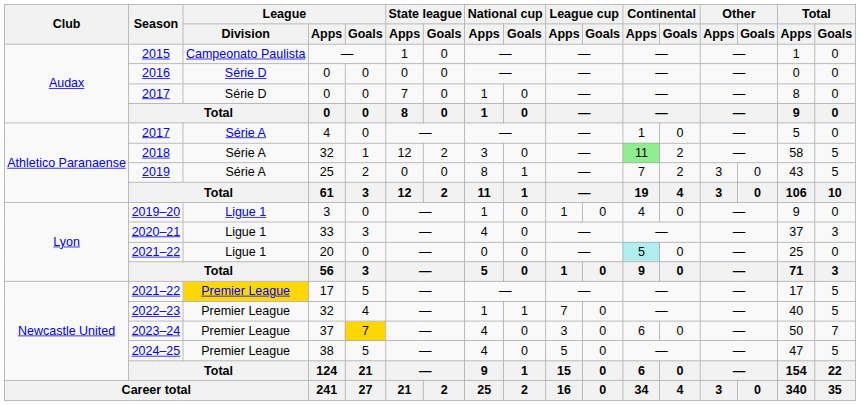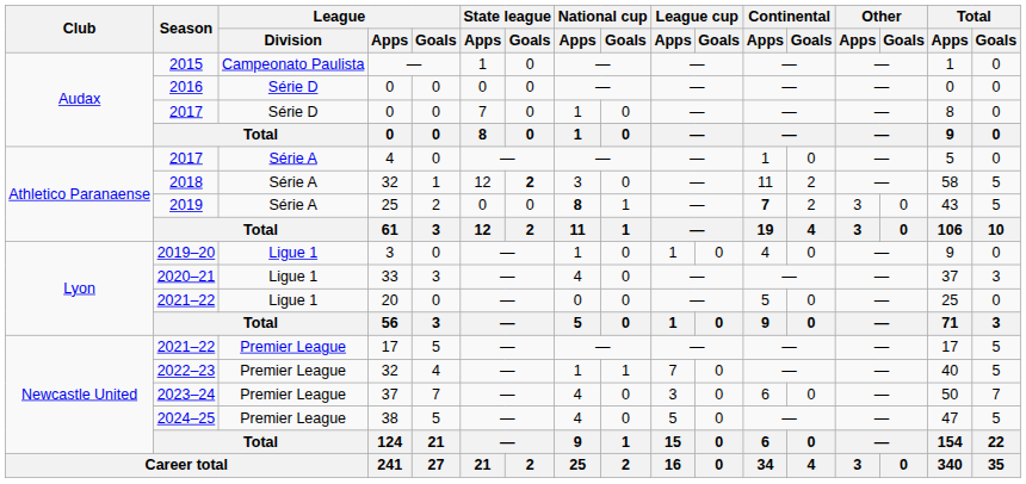 <table class="wikitable" style="text-align: center">
 <tr>
 <th rowspan="2">Club</th>
 <th rowspan="2">Season</th>
 <th colspan="3">League</th>
 <th colspan="2">State league</th>
 <th colspan="2">National cup</th>
 <th colspan="2">League cup</th>
 <th colspan="2">Continental</th>
 <th colspan="2">Other</th>
 <th colspan="2">Total</th>
 </tr>
 <tr>
 <th>Division</th>
 <th>Apps</th>
 <th>Goals</th>
 <th>Apps</th>
 <th>Goals</th>
 <th>Apps</th>
 <th>Goals</th>
 <th>Apps</th>
 <th>Goals</th>
 <th>Apps</th>
 <th>Goals</th>
 <th>Apps</th>
 <th>Goals</th>
 <th>Apps</th>
 <th>Goals</th>
 </tr>
 <tr>
 <td rowspan="4"><a href='#'>Audax</a></td>
 <td><a href='#'>2015</a></td>
 <td><a href='#'>Campeonato Paulista</a></td>
 <td colspan="2">—</td>
 <td>1</td>
 <td>0</td>
 <td colspan="2">—</td>
 <td colspan="2">—</td>
 <td colspan="2">—</td>
 <td colspan="2">—</td>
 <td>1</td>
 <td>0</td>
 </tr>
 <tr>
 <td><a href='#'>2016</a></td>
 <td><a href='#'>Série D</a></td>
 <td>0</td>
 <td>0</td>
 <td>0</td>
 <td>0</td>
 <td colspan="2">—</td>
 <td colspan="2">—</td>
 <td colspan="2">—</td>
 <td colspan="2">—</td>
 <td>0</td>
 <td>0</td>
 </tr>
 <tr>
 <td><a href='#'>2017</a></td>
 <td>Série D</td>
 <td>0</td>
 <td>0</td>
 <td>7</td>
 <td>0</td>
 <td>1</td>
 <td>0</td>
 <td colspan="2">—</td>
 <td colspan="2">—</td>
 <td colspan="2">—</td>
 <td>8</td>
 <td>0</td>
 </tr>
 <tr>
 <th colspan="2">Total</th>
 <th>0</th>
 <th>0</th>
 <th>8</th>
 <th>0</th>
 <th>1</th>
 <th>0</th>
 <th colspan="2">—</th>
 <th colspan="2">—</th>
 <th colspan="2">—</th>
 <th>9</th>
 <th>0</th>
 </tr>
 <tr>
 <td rowspan="4"><a href='#'>Athletico Paranaense</a></td>
 <td><a href='#'>2017</a></td>
 <td><a href='#'>Série A</a></td>
 <td>4</td>
 <td>0</td>
 <td colspan="2">—</td>
 <td colspan="2">—</td>
 <td colspan="2">—</td>
 <td>1</td>
 <td>0</td>
 <td colspan="2">—</td>
 <td>5</td>
 <td>0</td>
 </tr>
 <tr>
 <td><a href='#'>2018</a></td>
 <td>Série A</td>
 <td>32</td>
 <td>1</td>
 <td>12</td>
-<td>2</td>
+<td><strong>2</strong></td>
 <td>3</td>
 <td>0</td>
 <td colspan="2">—</td>
-<td style="background: lightgreen;">11</td>
+<td>11</td>
 <td>2</td>
 <td colspan="2">—</td>
 <td>58</td>
 <td>5</td>
 </tr>
 <tr>
 <td><a href='#'>2019</a></td>
 <td>Série A</td>
 <td>25</td>
 <td>2</td>
 <td>0</td>
 <td>0</td>
-<td>8</td>
+<td><strong>8</strong></td>
 <td>1</td>
 <td colspan="2">—</td>
-<td>7</td>
+<td><strong>7</strong></td>
 <td>2</td>
 <td>3</td>
 <td>0</td>
 <td>43</td>
 <td>5</td>
 </tr>
 <tr>
 <th colspan="2">Total</th>
 <th>61</th>
 <th>3</th>
 <th>12</th>
 <th>2</th>
 <th>11</th>
 <th>1</th>
 <th colspan="2">—</th>
 <th>19</th>
 <th>4</th>
 <th>3</th>
 <th>0</th>
 <th>106</th>
 <th>10</th>
 </tr>
 <tr>
 <td rowspan="4"><a href='#'>Lyon</a></td>
 <td><a href='#'>2019–20</a></td>
 <td><a href='#'>Ligue 1</a></td>
 <td>3</td>
 <td>0</td>
 <td colspan="2">—</td>
 <td>1</td>
 <td>0</td>
 <td>1</td>
 <td>0</td>
 <td>4</td>
 <td>0</td>
 <td colspan="2">—</td>
 <td>9</td>
 <td>0</td>
 </tr>
 <tr>
 <td><a href='#'>2020–21</a></td>
 <td>Ligue 1</td>
 <td>33</td>
 <td>3</td>
 <td colspan="2">—</td>
 <td>4</td>
 <td>0</td>
 <td colspan="2">—</td>
 <td colspan="2">—</td>
 <td colspan="2">—</td>
 <td>37</td>
 <td>3</td>
 </tr>
 <tr>
 <td><a href='#'>2021–22</a></td>
 <td>Ligue 1</td>
 <td>20</td>
 <td>0</td>
 <td colspan="2">—</td>
 <td>0</td>
 <td>0</td>
 <td colspan="2">—</td>
-<td style="background: paleturquoise;">5</td>
+<td>5</td>
 <td>0</td>
 <td colspan="2">—</td>
 <td>25</td>
 <td>0</td>
 </tr>
 <tr>
 <th colspan="2">Total</th>
 <th>56</th>
 <th>3</th>
 <th colspan="2">—</th>
 <th>5</th>
 <th>0</th>
 <th>1</th>
 <th>0</th>
 <th>9</th>
 <th>0</th>
 <th colspan="2">—</th>
 <th>71</th>
 <th>3</th>
 </tr>
 <tr>
 <td rowspan="5"><a href='#'>Newcastle United</a></td>
 <td><a href='#'>2021–22</a></td>
-<td style="background: gold;"><a href='#'>Premier League</a></td>
+<td><a href='#'>Premier League</a></td>
 <td>17</td>
 <td>5</td>
 <td colspan="2">—</td>
 <td colspan="2">—</td>
 <td colspan="2">—</td>
 <td colspan="2">—</td>
 <td colspan="2">—</td>
 <td>17</td>
 <td>5</td>
 </tr>
 <tr>
 <td><a href='#'>2022–23</a></td>
 <td>Premier League</td>
 <td>32</td>
 <td>4</td>
 <td colspan="2">—</td>
 <td>1</td>
 <td>1</td>
 <td>7</td>
 <td>0</td>
 <td colspan="2">—</td>
 <td colspan="2">—</td>
 <td>40</td>
 <td>5</td>
 </tr>
 <tr>
 <td><a href='#'>2023–24</a></td>
 <td>Premier League</td>
 <td>37</td>
-<td style="background: gold;">7</td>
+<td>7</td>
 <td colspan="2">—</td>
 <td>4</td>
 <td>0</td>
 <td>3</td>
 <td>0</td>
 <td>6</td>
 <td>0</td>
 <td colspan="2">—</td>
 <td>50</td>
 <td>7</td>
 </tr>
 <tr>
 <td><a href='#'>2024–25</a></td>
 <td>Premier League</td>
 <td>38</td>
 <td>5</td>
 <td colspan="2">—</td>
 <td>4</td>
 <td>0</td>
 <td>5</td>
 <td>0</td>
 <td colspan="2">—</td>
 <td colspan="2">—</td>
 <td>47</td>
 <td>5</td>
 </tr>
 <tr>
 <th colspan="2">Total</th>
 <th>124</th>
 <th>21</th>
 <th colspan="2">—</th>
 <th>9</th>
 <th>1</th>
 <th>15</th>
 <th>0</th>
 <th>6</th>
 <th>0</th>
 <th colspan="2">—</th>
 <th>154</th>
 <th>22</th>
 </tr>
 <tr>
 <th colspan="3">Career total</th>
 <th>241</th>
 <th>27</th>
 <th>21</th>
 <th>2</th>
 <th>25</th>
 <th>2</th>
 <th>16</th>
 <th>0</th>
 <th>34</th>
 <th>4</th>
 <th>3</th>
 <th>0</th>
 <th>340</th>
 <th>35</th>
 </tr>
 </table>
